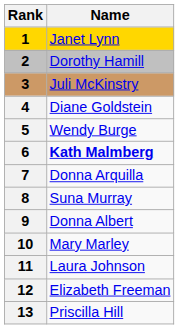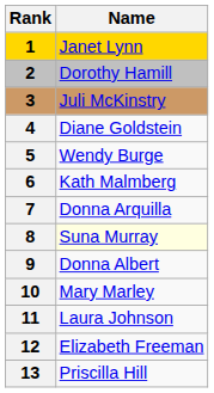 <table class="wikitable">
 <tr>
 <th>Rank</th>
 <th>Name</th>
 </tr>
 <tr bgcolor="gold">
 <td align="center"><strong>1</strong></td>
 <td><a href='#'>Janet Lynn</a></td>
 </tr>
 <tr bgcolor="silver">
 <td align="center"><strong>2</strong></td>
 <td><a href='#'>Dorothy Hamill</a></td>
 </tr>
 <tr bgcolor="cc9966">
 <td align="center"><strong>3</strong></td>
 <td><a href='#'>Juli McKinstry</a></td>
 </tr>
 <tr>
 <th>4</th>
 <td><a href='#'>Diane Goldstein</a></td>
 </tr>
 <tr>
 <th>5</th>
 <td><a href='#'>Wendy Burge</a></td>
 </tr>
 <tr>
 <th>6</th>
-<td><strong><a href='#'>Kath Malmberg</a></strong></td>
+<td><a href='#'>Kath Malmberg</a></td>
 </tr>
 <tr>
 <th>7</th>
 <td><a href='#'>Donna Arquilla</a></td>
 </tr>
 <tr>
 <th>8</th>
-<td><a href='#'>Suna Murray</a></td>
+<td style="background: lightyellow;"><a href='#'>Suna Murray</a></td>
 </tr>
 <tr>
 <th>9</th>
 <td><a href='#'>Donna Albert</a></td>
 </tr>
 <tr>
 <th>10</th>
 <td><a href='#'>Mary Marley</a></td>
 </tr>
 <tr>
 <th>11</th>
 <td><a href='#'>Laura Johnson</a></td>
 </tr>
 <tr>
 <th>12</th>
 <td><a href='#'>Elizabeth Freeman</a></td>
 </tr>
 <tr>
 <th>13</th>
 <td><a href='#'>Priscilla Hill</a></td>
 </tr>
 </table>
